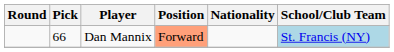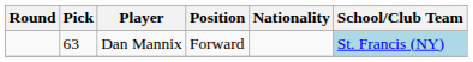 <table class="wikitable sortable sortable">
 <tr>
 <th>Round</th>
 <th>Pick</th>
 <th>Player</th>
 <th>Position</th>
 <th>Nationality</th>
 <th>School/Club Team</th>
 </tr>
 <tr>
 <td></td>
-<td>66</td>
+<td>63</td>
 <td>Dan Mannix</td>
-<td style="background: lightsalmon;">Forward</td>
+<td>Forward</td>
 <td></td>
 <td style="background: lightblue;"><a href='#'>St. Francis (NY)</a></td>
 </tr>
 <tr>
 </tr>
 </table>
